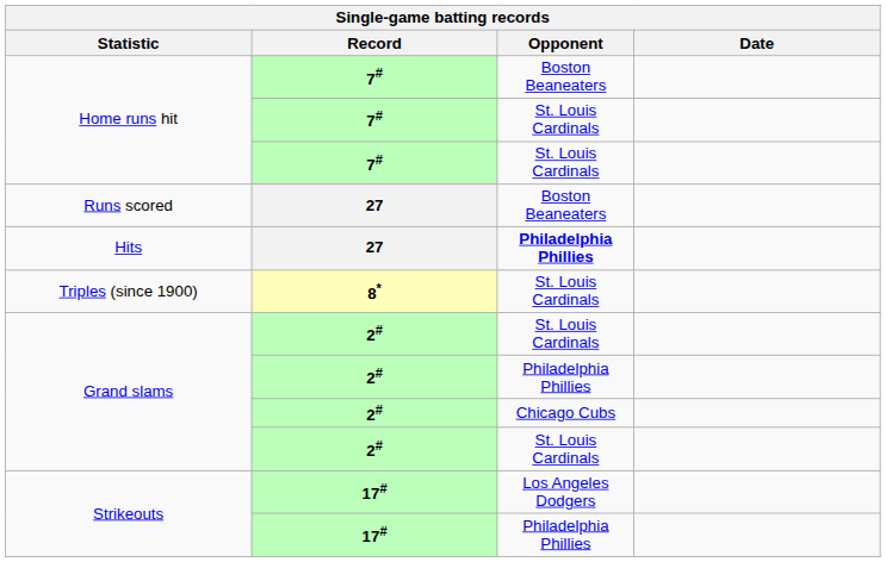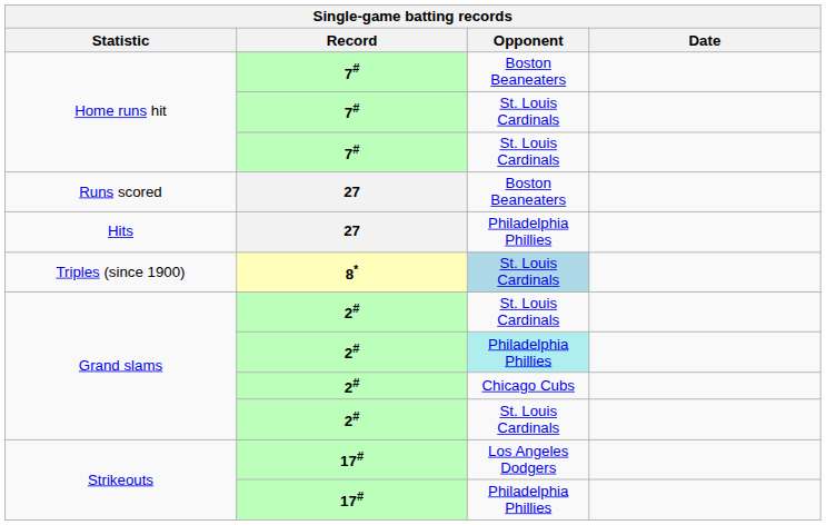 <table class="wikitable sortable" style="text-align:center" width="70%">
 <tr>
 <th colspan=5>Single-game batting records</th>
 </tr>
 <tr>
 <th scope="col" width=20%>Statistic</th>
 <th scope="col" width=20% class="unsortable">Record</th>
 <th scope="col" width=10%>Opponent</th>
 <th scope="col" width=20%>Date</th>
 </tr>
 <tr>
 <td rowspan="3"><a href='#'>Home runs</a> hit</td>
 <th scope="row" style="background-color:#BBFFBB">7<sup>#</sup></th>
 <td><a href='#'>Boston Beaneaters</a></td>
 <td></td>
 </tr>
 <tr>
 <th scope="row" style="background-color:#BBFFBB">7<sup>#</sup></th>
 <td><a href='#'>St. Louis Cardinals</a></td>
 <td></td>
 </tr>
 <tr>
 <th scope="row" style="background-color:#BBFFBB">7<sup>#</sup></th>
 <td><a href='#'>St. Louis Cardinals</a></td>
 <td></td>
 </tr>
 <tr>
 <td><a href='#'>Runs</a> scored</td>
 <th scope="row">27</th>
 <td><a href='#'>Boston Beaneaters</a></td>
 <td></td>
 </tr>
 <tr>
 <td><a href='#'>Hits</a></td>
 <th scope="row">27</th>
-<td><strong><a href='#'>Philadelphia Phillies</a></strong></td>
+<td><a href='#'>Philadelphia Phillies</a></td>
 <td></td>
 </tr>
 <tr>
 <td><a href='#'>Triples</a> (since 1900)</td>
 <th scope="row" style="background-color:#FFFFBB">8<sup>*</sup></th>
-<td><a href='#'>St. Louis Cardinals</a></td>
+<td style="background: lightblue;"><a href='#'>St. Louis Cardinals</a></td>
 <td></td>
 </tr>
 <tr>
 <td rowspan="4"><a href='#'>Grand slams</a></td>
 <th scope="row" style="background-color:#BBFFBB">2<sup>#</sup></th>
 <td><a href='#'>St. Louis Cardinals</a></td>
 <td></td>
 </tr>
 <tr>
 <th scope="row" style="background-color:#BBFFBB">2<sup>#</sup></th>
-<td><a href='#'>Philadelphia Phillies</a></td>
+<td style="background: paleturquoise;"><a href='#'>Philadelphia Phillies</a></td>
 <td></td>
 </tr>
 <tr>
 <th scope="row" style="background-color:#BBFFBB">2<sup>#</sup></th>
 <td><a href='#'>Chicago Cubs</a></td>
 <td></td>
 </tr>
 <tr>
 <th scope="row" style="background-color:#BBFFBB">2<sup>#</sup></th>
 <td><a href='#'>St. Louis Cardinals</a></td>
 <td></td>
 </tr>
 <tr>
 <td rowspan="2"><a href='#'>Strikeouts</a></td>
 <th scope="row" style="background-color:#BBFFBB">17<sup>#</sup></th>
 <td><a href='#'>Los Angeles Dodgers</a></td>
 <td></td>
 </tr>
 <tr>
 <th scope="row" style="background-color:#BBFFBB">17<sup>#</sup></th>
 <td><a href='#'>Philadelphia Phillies</a></td>
 <td></td>
 </tr>
 </table>
